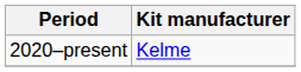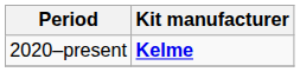 <table class="wikitable">
 <tr>
 <th>Period</th>
 <th>Kit manufacturer</th>
 </tr>
 <tr>
 <td>2020–present</td>
-<td> <a href='#'>Kelme</a></td>
+<td><strong> <a href='#'>Kelme</a></strong></td>
 </tr>
 <tr>
 </tr>
 </table>
